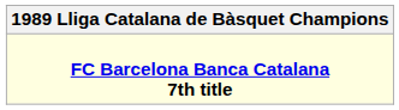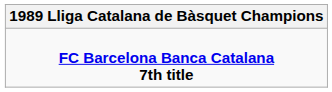 <table class=wikitable style="text-align:center; margin:auto">
 <tr>
 <th>1989 Lliga Catalana de Bàsquet Champions</th>
 </tr>
 <tr>
-<td style="background: lightyellow;"> <br> <strong><a href='#'>FC Barcelona Banca Catalana</a></strong> <br> <strong>7th title</strong></td>
+<td> <br> <strong><a href='#'>FC Barcelona Banca Catalana</a></strong> <br> <strong>7th title</strong></td>
 </tr>
 </table>
